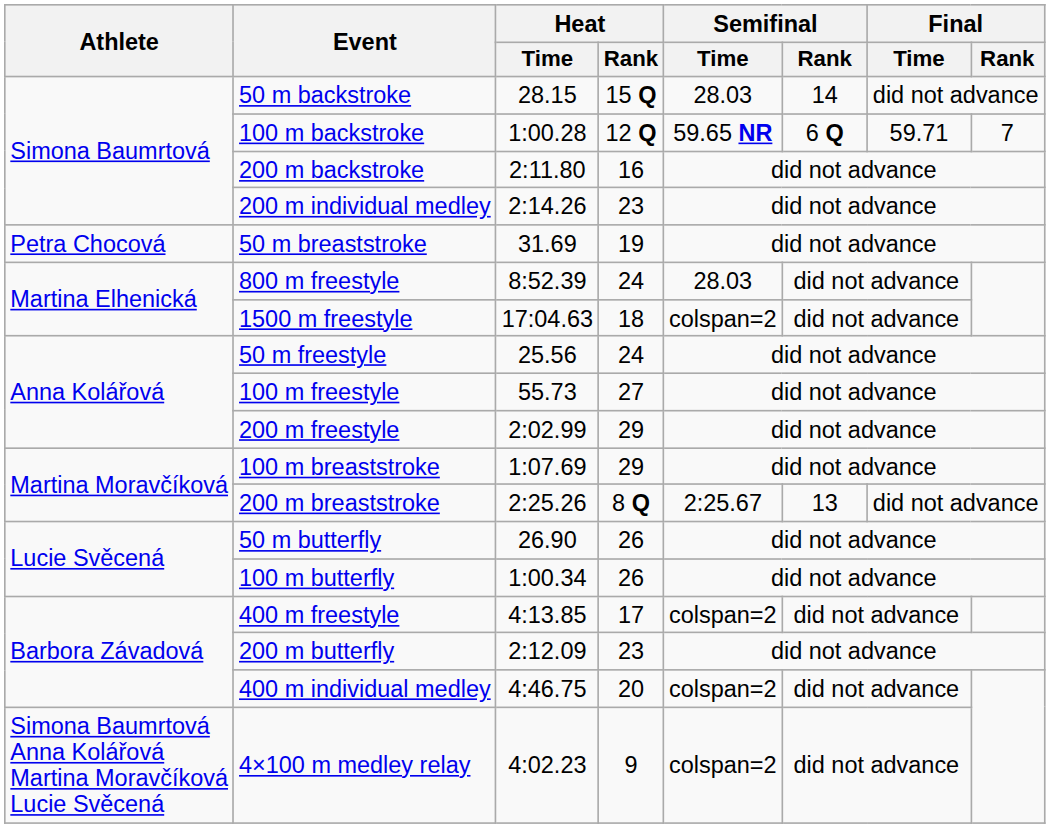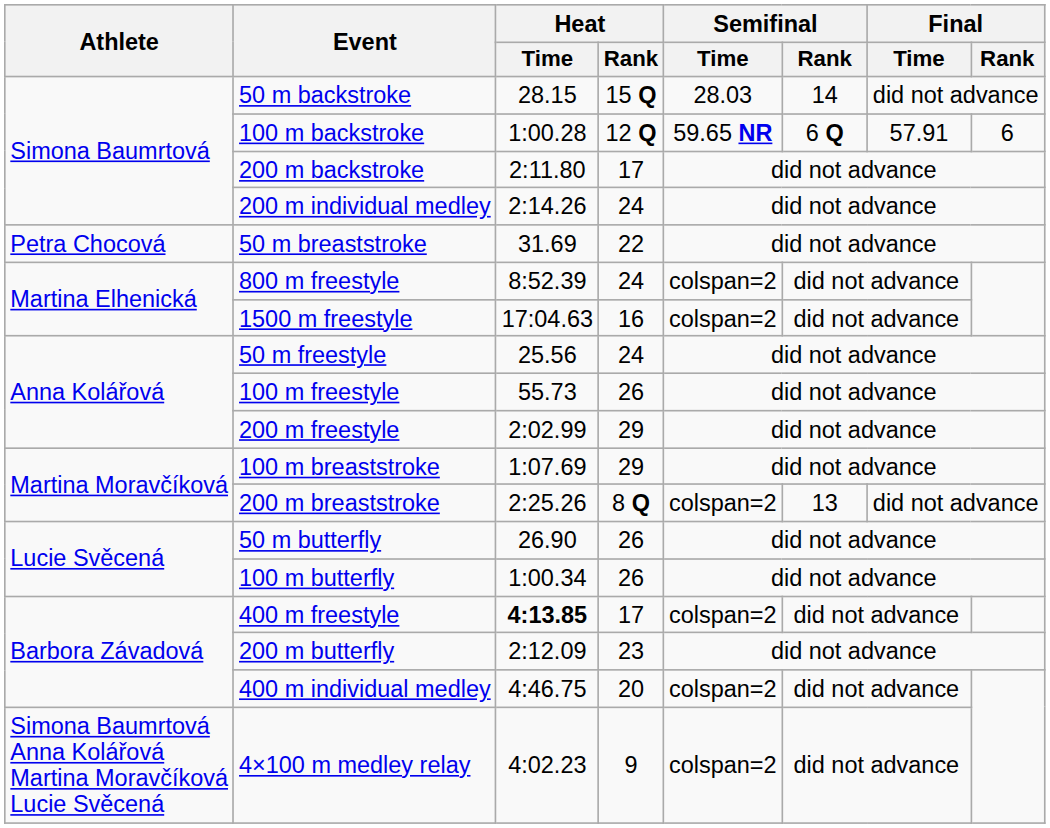 <table class=wikitable style="font-size:90%">
 <tr>
 <th rowspan="2">Athlete</th>
 <th rowspan="2">Event</th>
 <th colspan="2">Heat</th>
 <th colspan="2">Semifinal</th>
 <th colspan="2">Final</th>
 </tr>
 <tr style="font-size:95%">
 <th>Time</th>
 <th>Rank</th>
 <th>Time</th>
 <th>Rank</th>
 <th>Time</th>
 <th>Rank</th>
 </tr>
 <tr align=center>
 <td align=left rowspan=4><a href='#'>Simona Baumrtová</a></td>
 <td align=left><a href='#'>50 m backstroke</a></td>
 <td>28.15</td>
 <td>15 <strong>Q</strong></td>
 <td>28.03</td>
 <td>14</td>
 <td colspan=2>did not advance</td>
 </tr>
 <tr align=center>
 <td align=left><a href='#'>100 m backstroke</a></td>
 <td>1:00.28</td>
 <td>12 <strong>Q</strong></td>
 <td>59.65 <strong><a href='#'>NR</a></strong></td>
 <td>6 <strong>Q</strong></td>
-<td>59.71</td>
-<td>7</td>
+<td>57.91</td>
+<td>6</td>
 </tr>
 <tr align=center>
 <td align=left><a href='#'>200 m backstroke</a></td>
 <td>2:11.80</td>
-<td>16</td>
+<td>17</td>
 <td colspan=4>did not advance</td>
 </tr>
 <tr align=center>
 <td align=left><a href='#'>200 m individual medley</a></td>
 <td>2:14.26</td>
-<td>23</td>
+<td>24</td>
 <td colspan=4>did not advance</td>
 </tr>
 <tr align=center>
 <td align=left><a href='#'>Petra Chocová</a></td>
 <td align=left><a href='#'>50 m breaststroke</a></td>
 <td>31.69</td>
-<td>19</td>
+<td>22</td>
 <td colspan=4>did not advance</td>
 </tr>
 <tr align=center>
 <td align=left rowspan=2><a href='#'>Martina Elhenická</a></td>
 <td align=left><a href='#'>800 m freestyle</a></td>
 <td>8:52.39</td>
 <td>24</td>
-<td>28.03</td>
+<td>colspan=2 </td>
 <td colspan=2>did not advance</td>
 </tr>
 <tr align=center>
 <td align=left><a href='#'>1500 m freestyle</a></td>
 <td>17:04.63</td>
-<td>18</td>
+<td>16</td>
 <td>colspan=2 </td>
 <td colspan=2>did not advance</td>
 </tr>
 <tr align=center>
 <td align=left rowspan=3><a href='#'>Anna Kolářová</a></td>
 <td align=left><a href='#'>50 m freestyle</a></td>
 <td>25.56</td>
 <td>24</td>
 <td colspan=4>did not advance</td>
 </tr>
 <tr align=center>
 <td align=left><a href='#'>100 m freestyle</a></td>
 <td>55.73</td>
-<td>27</td>
+<td>26</td>
 <td colspan=4>did not advance</td>
 </tr>
 <tr align=center>
 <td align=left><a href='#'>200 m freestyle</a></td>
 <td>2:02.99</td>
 <td>29</td>
 <td colspan=4>did not advance</td>
 </tr>
 <tr align=center>
 <td align=left rowspan=2><a href='#'>Martina Moravčíková</a></td>
 <td align=left><a href='#'>100 m breaststroke</a></td>
 <td>1:07.69</td>
 <td>29</td>
 <td colspan=4>did not advance</td>
 </tr>
 <tr align=center>
 <td align=left><a href='#'>200 m breaststroke</a></td>
 <td>2:25.26</td>
 <td>8 <strong>Q</strong></td>
-<td>2:25.67</td>
+<td>colspan=2 </td>
 <td>13</td>
 <td colspan=2>did not advance</td>
 </tr>
 <tr align=center>
 <td align=left rowspan=2><a href='#'>Lucie Svěcená</a></td>
 <td align=left><a href='#'>50 m butterfly</a></td>
 <td>26.90</td>
 <td>26</td>
 <td colspan=4>did not advance</td>
 </tr>
 <tr align=center>
 <td align=left><a href='#'>100 m butterfly</a></td>
 <td>1:00.34</td>
 <td>26</td>
 <td colspan=4>did not advance</td>
 </tr>
 <tr align=center>
 <td align=left rowspan=3><a href='#'>Barbora Závadová</a></td>
 <td align=left><a href='#'>400 m freestyle</a></td>
-<td>4:13.85</td>
+<td><strong>4:13.85</strong></td>
 <td>17</td>
 <td>colspan=2 </td>
 <td colspan=2>did not advance</td>
 </tr>
 <tr align=center>
 <td align=left><a href='#'>200 m butterfly</a></td>
 <td>2:12.09</td>
 <td>23</td>
 <td colspan=4>did not advance</td>
 </tr>
 <tr align=center>
 <td align=left><a href='#'>400 m individual medley</a></td>
 <td>4:46.75</td>
 <td>20</td>
 <td>colspan=2 </td>
 <td colspan=2>did not advance</td>
 </tr>
 <tr align=center>
 <td align=left><a href='#'>Simona Baumrtová</a><br><a href='#'>Anna Kolářová</a><br><a href='#'>Martina Moravčíková</a><br><a href='#'>Lucie Svěcená</a></td>
 <td align=left><a href='#'>4×100 m medley relay</a></td>
 <td>4:02.23</td>
 <td>9</td>
 <td>colspan=2 </td>
 <td colspan=2>did not advance</td>
 </tr>
 </table>
